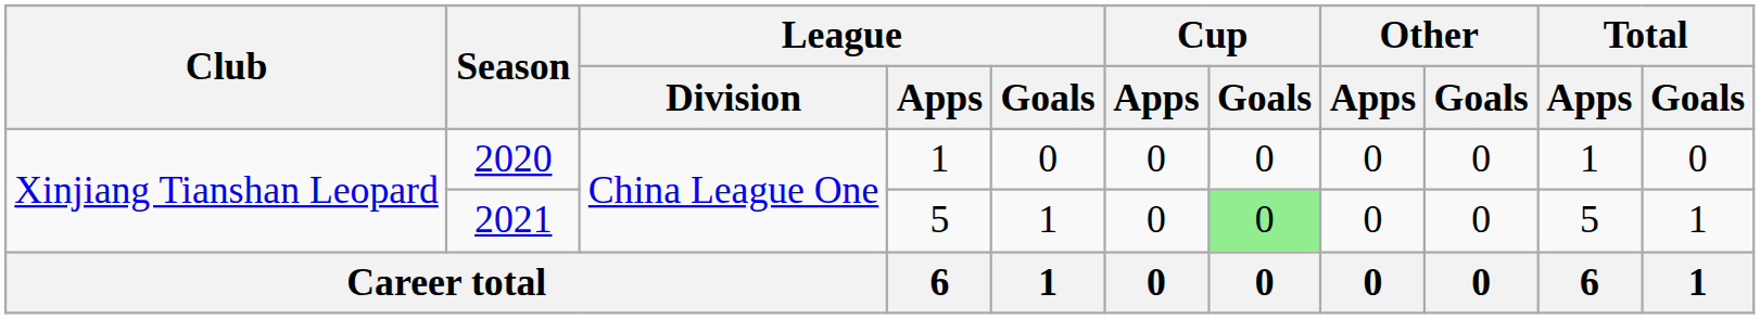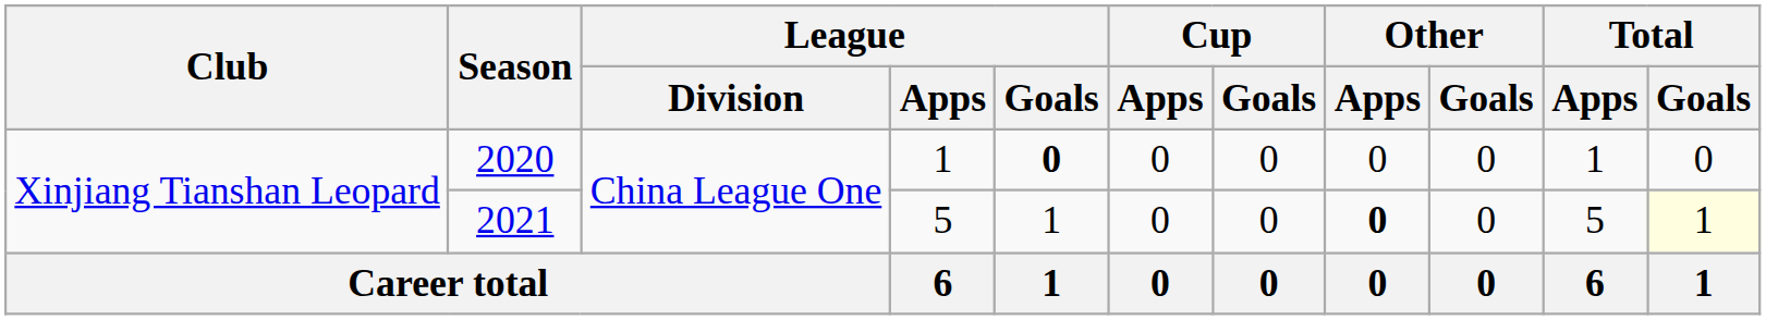 <table class="wikitable" style="text-align: center">
 <tr>
 <th rowspan="2">Club</th>
 <th rowspan="2">Season</th>
 <th colspan="3">League</th>
 <th colspan="2">Cup</th>
 <th colspan="2">Other</th>
 <th colspan="2">Total</th>
 </tr>
 <tr>
 <th>Division</th>
 <th>Apps</th>
 <th>Goals</th>
 <th>Apps</th>
 <th>Goals</th>
 <th>Apps</th>
 <th>Goals</th>
 <th>Apps</th>
 <th>Goals</th>
 </tr>
 <tr>
 <td rowspan="2"><a href='#'>Xinjiang Tianshan Leopard</a></td>
 <td><a href='#'>2020</a></td>
 <td rowspan="2"><a href='#'>China League One</a></td>
 <td>1</td>
-<td>0</td>
+<td><strong>0</strong></td>
 <td>0</td>
 <td>0</td>
 <td>0</td>
 <td>0</td>
 <td>1</td>
 <td>0</td>
 </tr>
 <tr>
 <td><a href='#'>2021</a></td>
 <td>5</td>
 <td>1</td>
 <td>0</td>
-<td style="background: lightgreen;">0</td>
 <td>0</td>
+<td><strong>0</strong></td>
 <td>0</td>
 <td>5</td>
-<td>1</td>
+<td style="background: lightyellow;">1</td>
 </tr>
 <tr>
 <th colspan=3>Career total</th>
 <th>6</th>
 <th>1</th>
 <th>0</th>
 <th>0</th>
 <th>0</th>
 <th>0</th>
 <th>6</th>
 <th>1</th>
 </tr>
 </table>
